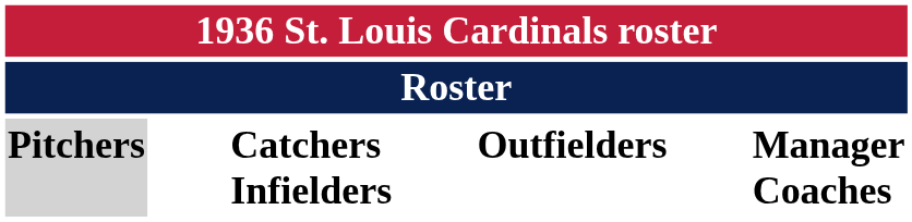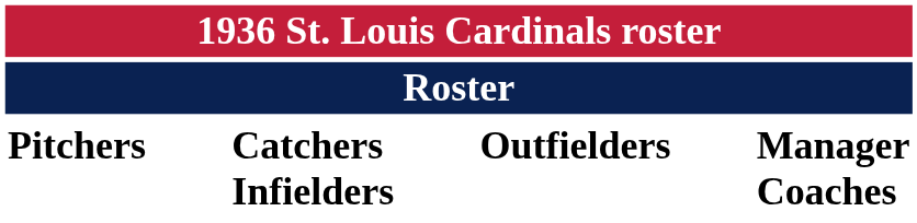 <table class="toccolours" style="font-size: 95%;">
 <tr>
 <th colspan="10" style="background-color: #c41e3a; color: white; text-align: center;">1936 St. Louis Cardinals roster</th>
 </tr>
 <tr>
 <td colspan="10" style="background-color: #0a2252; color: white; text-align: center;"><strong>Roster</strong></td>
 </tr>
 <tr>
-<td valign="top" style="background: lightgrey;"><strong>Pitchers</strong><br>                </td>
+<td valign="top"><strong>Pitchers</strong><br>                </td>
 <td width="25px"></td>
 <td valign="top"><strong>Catchers</strong><br>  <strong>Infielders</strong>            </td>
 <td width="25px"></td>
 <td valign="top"><strong>Outfielders</strong><br>      </td>
 <td width="25px"></td>
 <td valign="top"><strong>Manager</strong><br> <strong>Coaches</strong>  </td>
 </tr>
 </table>
